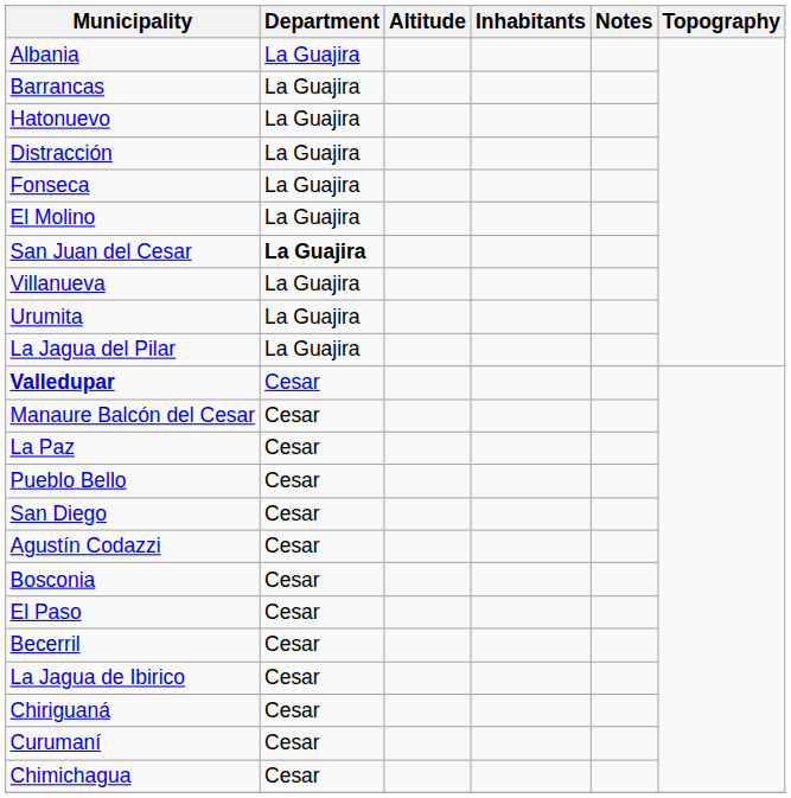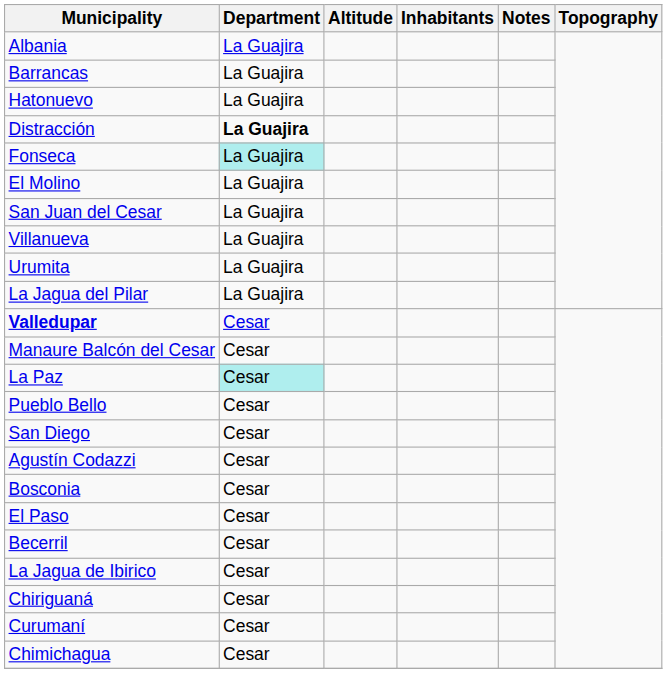 <table class="wikitable sortable">
 <tr>
 <th>Municipality<br></th>
 <th>Department</th>
 <th>Altitude<br></th>
 <th>Inhabitants<br></th>
 <th class=unsortable>Notes</th>
 <th class=unsortable>Topography</th>
 </tr>
 <tr>
 <td><a href='#'>Albania</a></td>
 <td><a href='#'>La Guajira</a></td>
 <td></td>
 <td></td>
 <td></td>
 <td rowspan=10></td>
 </tr>
 <tr>
 <td><a href='#'>Barrancas</a></td>
 <td>La Guajira</td>
 <td></td>
 <td></td>
 <td></td>
 </tr>
 <tr>
 <td><a href='#'>Hatonuevo</a></td>
 <td>La Guajira</td>
 <td></td>
 <td></td>
 <td></td>
 </tr>
 <tr>
 <td><a href='#'>Distracción</a></td>
-<td>La Guajira</td>
+<td><strong>La Guajira</strong></td>
 <td></td>
 <td></td>
 <td></td>
 </tr>
 <tr>
 <td><a href='#'>Fonseca</a></td>
-<td>La Guajira</td>
+<td style="background: paleturquoise;">La Guajira</td>
 <td></td>
 <td></td>
 <td></td>
 </tr>
 <tr>
 <td><a href='#'>El Molino</a></td>
 <td>La Guajira</td>
 <td></td>
 <td></td>
 <td></td>
 </tr>
 <tr>
 <td><a href='#'>San Juan del Cesar</a></td>
-<td><strong>La Guajira</strong></td>
+<td>La Guajira</td>
 <td></td>
 <td></td>
 <td></td>
 </tr>
 <tr>
 <td><a href='#'>Villanueva</a></td>
 <td>La Guajira</td>
 <td></td>
 <td></td>
 <td></td>
 </tr>
 <tr>
 <td><a href='#'>Urumita</a></td>
 <td>La Guajira</td>
 <td></td>
 <td></td>
 <td></td>
 </tr>
 <tr>
 <td><a href='#'>La Jagua del Pilar</a></td>
 <td>La Guajira</td>
 <td></td>
 <td></td>
 <td></td>
 </tr>
 <tr>
 <td><strong><a href='#'>Valledupar</a></strong></td>
 <td><a href='#'>Cesar</a></td>
 <td></td>
 <td></td>
 <td></td>
 <td rowspan=13></td>
 </tr>
 <tr>
 <td><a href='#'>Manaure Balcón del Cesar</a></td>
 <td>Cesar</td>
 <td></td>
 <td></td>
 <td></td>
 </tr>
 <tr>
 <td><a href='#'>La Paz</a></td>
-<td>Cesar</td>
+<td style="background: paleturquoise;">Cesar</td>
 <td></td>
 <td></td>
 <td></td>
 </tr>
 <tr>
 <td><a href='#'>Pueblo Bello</a></td>
 <td>Cesar</td>
 <td></td>
 <td></td>
 <td></td>
 </tr>
 <tr>
 <td><a href='#'>San Diego</a></td>
 <td>Cesar</td>
 <td></td>
 <td></td>
 <td></td>
 </tr>
 <tr>
 <td><a href='#'>Agustín Codazzi</a></td>
 <td>Cesar</td>
 <td></td>
 <td></td>
 <td></td>
 </tr>
 <tr>
 <td><a href='#'>Bosconia</a></td>
 <td>Cesar</td>
 <td></td>
 <td></td>
 <td></td>
 </tr>
 <tr>
 <td><a href='#'>El Paso</a></td>
 <td>Cesar</td>
 <td></td>
 <td></td>
 <td></td>
 </tr>
 <tr>
 <td><a href='#'>Becerril</a></td>
 <td>Cesar</td>
 <td></td>
 <td></td>
 <td></td>
 </tr>
 <tr>
 <td><a href='#'>La Jagua de Ibirico</a></td>
 <td>Cesar</td>
 <td></td>
 <td></td>
 <td></td>
 </tr>
 <tr>
 <td><a href='#'>Chiriguaná</a></td>
 <td>Cesar</td>
 <td></td>
 <td></td>
 <td></td>
 </tr>
 <tr>
 <td><a href='#'>Curumaní</a></td>
 <td>Cesar</td>
 <td></td>
 <td></td>
 <td></td>
 </tr>
 <tr>
 <td><a href='#'>Chimichagua</a></td>
 <td>Cesar</td>
 <td></td>
 <td></td>
 <td></td>
 </tr>
 <tr>
 </tr>
 </table>
